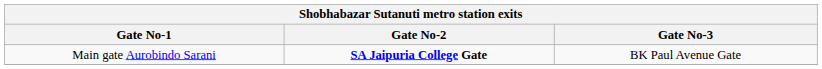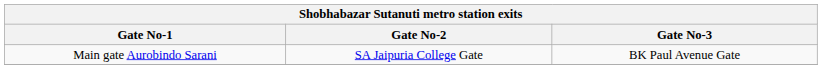 <table class="wikitable" style="text-align: center;" width="65%">
 <tr>
 <th align="center" colspan="3" style="background:;"><span><strong>Shobhabazar Sutanuti  metro station exits </strong></span></th>
 </tr>
 <tr>
 <th style="width:5%;">Gate No-1</th>
 <th style="width:5%;">Gate No-2</th>
 <th style="width:5%;">Gate No-3</th>
 </tr>
 <tr>
 <td>Main gate <a href='#'>Aurobindo Sarani</a></td>
-<td><strong><a href='#'>SA Jaipuria College</a> Gate</strong></td>
+<td><a href='#'>SA Jaipuria College</a> Gate</td>
 <td>BK Paul Avenue Gate</td>
 </tr>
 <tr>
 </tr>
 </table>
